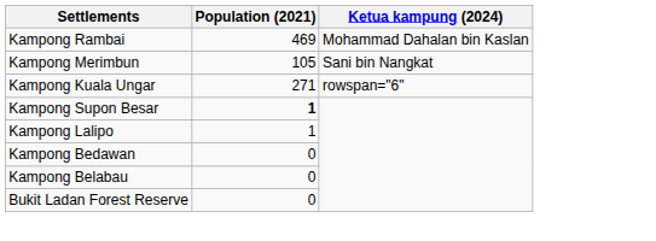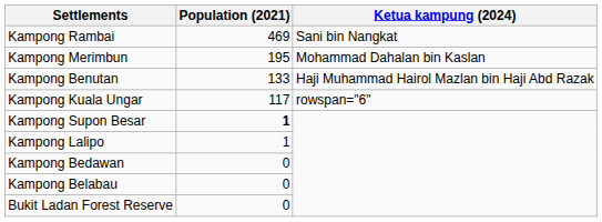 <table class="wikitable">
 <tr>
 <th>Settlements</th>
 <th>Population (2021)</th>
 <th><a href='#'>Ketua kampung</a> (2024)</th>
 </tr>
 <tr>
 <td>Kampong Rambai</td>
 <td align="right">469</td>
+<td>Sani bin Nangkat</td>
+</tr>
+<tr>
+<td>Kampong Merimbun</td>
+<td align="right">195</td>
 <td>Mohammad Dahalan bin Kaslan</td>
 </tr>
 <tr>
-<td>Kampong Merimbun</td>
-<td align="right">105</td>
-<td>Sani bin Nangkat</td>
+<td>Kampong Benutan</td>
+<td align="right">133</td>
+<td>Haji Muhammad Hairol Mazlan bin Haji Abd Razak</td>
 </tr>
 <tr>
 <td>Kampong Kuala Ungar</td>
-<td align="right">271</td>
+<td align="right">117</td>
 <td>rowspan="6" </td>
 </tr>
 <tr>
 <td>Kampong Supon Besar</td>
 <td align="right"><strong>1</strong></td>
 </tr>
 <tr>
 <td>Kampong Lalipo</td>
 <td align="right">1</td>
 </tr>
 <tr>
 <td>Kampong Bedawan</td>
 <td align="right">0</td>
 </tr>
 <tr>
 <td>Kampong Belabau</td>
 <td align="right">0</td>
 </tr>
 <tr>
 <td>Bukit Ladan Forest Reserve</td>
 <td align="right">0</td>
 </tr>
 </table>
